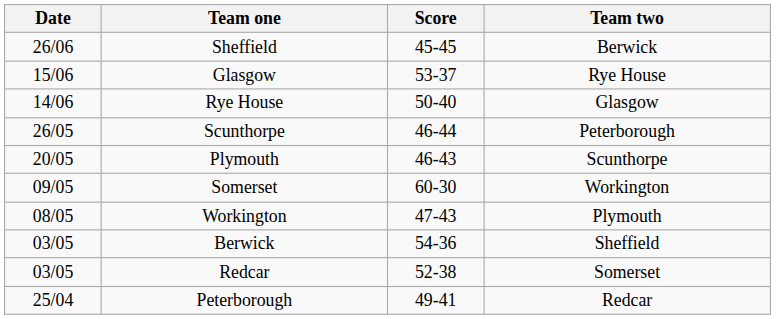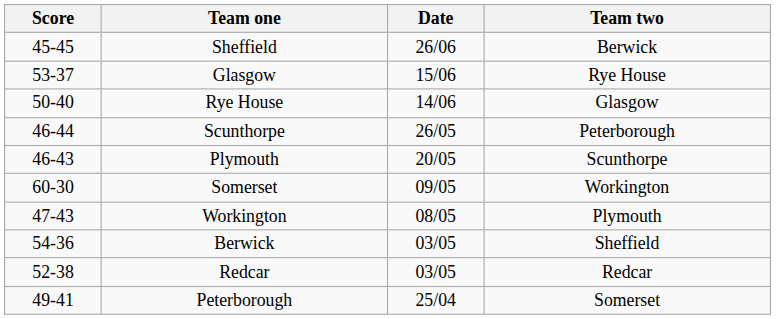 <table class="wikitable" style="text-align: center">
 <tr>
+<th width=80>Score</th>
+<th width=250>Team one</th>
 <th width=80>Date</th>
-<th width=250>Team one</th>
-<th width=80>Score</th>
 <th width=250>Team two</th>
 </tr>
 <tr>
+<td>45-45</td>
+<td>Sheffield</td>
 <td>26/06</td>
-<td>Sheffield</td>
-<td>45-45</td>
 <td>Berwick</td>
 </tr>
 <tr>
+<td>53-37</td>
+<td>Glasgow</td>
 <td>15/06</td>
-<td>Glasgow</td>
-<td>53-37</td>
 <td>Rye House</td>
 </tr>
 <tr>
+<td>50-40</td>
+<td>Rye House</td>
 <td>14/06</td>
-<td>Rye House</td>
-<td>50-40</td>
 <td>Glasgow</td>
 </tr>
 <tr>
+<td>46-44</td>
+<td>Scunthorpe</td>
 <td>26/05</td>
-<td>Scunthorpe</td>
-<td>46-44</td>
 <td>Peterborough</td>
 </tr>
 <tr>
+<td>46-43</td>
+<td>Plymouth</td>
 <td>20/05</td>
-<td>Plymouth</td>
-<td>46-43</td>
 <td>Scunthorpe</td>
 </tr>
 <tr>
+<td>60-30</td>
+<td>Somerset</td>
 <td>09/05</td>
-<td>Somerset</td>
-<td>60-30</td>
 <td>Workington</td>
 </tr>
 <tr>
+<td>47-43</td>
+<td>Workington</td>
 <td>08/05</td>
-<td>Workington</td>
-<td>47-43</td>
 <td>Plymouth</td>
 </tr>
 <tr>
+<td>54-36</td>
+<td>Berwick</td>
 <td>03/05</td>
-<td>Berwick</td>
-<td>54-36</td>
 <td>Sheffield</td>
 </tr>
 <tr>
+<td>52-38</td>
+<td>Redcar</td>
 <td>03/05</td>
 <td>Redcar</td>
-<td>52-38</td>
+</tr>
+<tr>
+<td>49-41</td>
+<td>Peterborough</td>
+<td>25/04</td>
 <td>Somerset</td>
 </tr>
-<tr>
-<td>25/04</td>
-<td>Peterborough</td>
-<td>49-41</td>
-<td>Redcar</td>
-</tr>
 </table>
